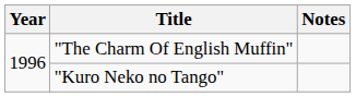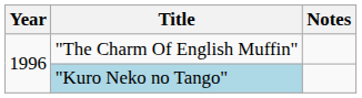 <table class="wikitable">
 <tr>
 <th>Year</th>
 <th>Title</th>
 <th>Notes</th>
 </tr>
 <tr>
 <td rowspan="2">1996</td>
 <td>"The Charm Of English Muffin"</td>
 <td></td>
 </tr>
 <tr>
-<td>"Kuro Neko no Tango"</td>
+<td style="background: lightblue;">"Kuro Neko no Tango"</td>
 <td></td>
 </tr>
 </table>
